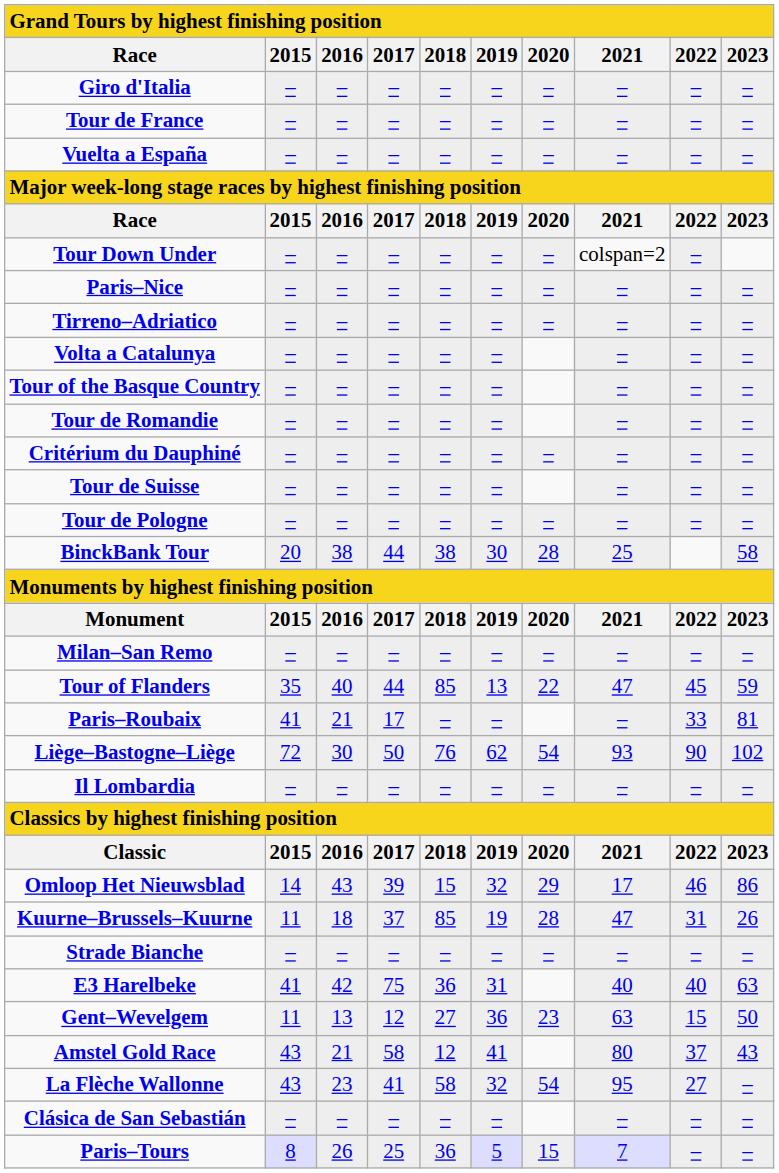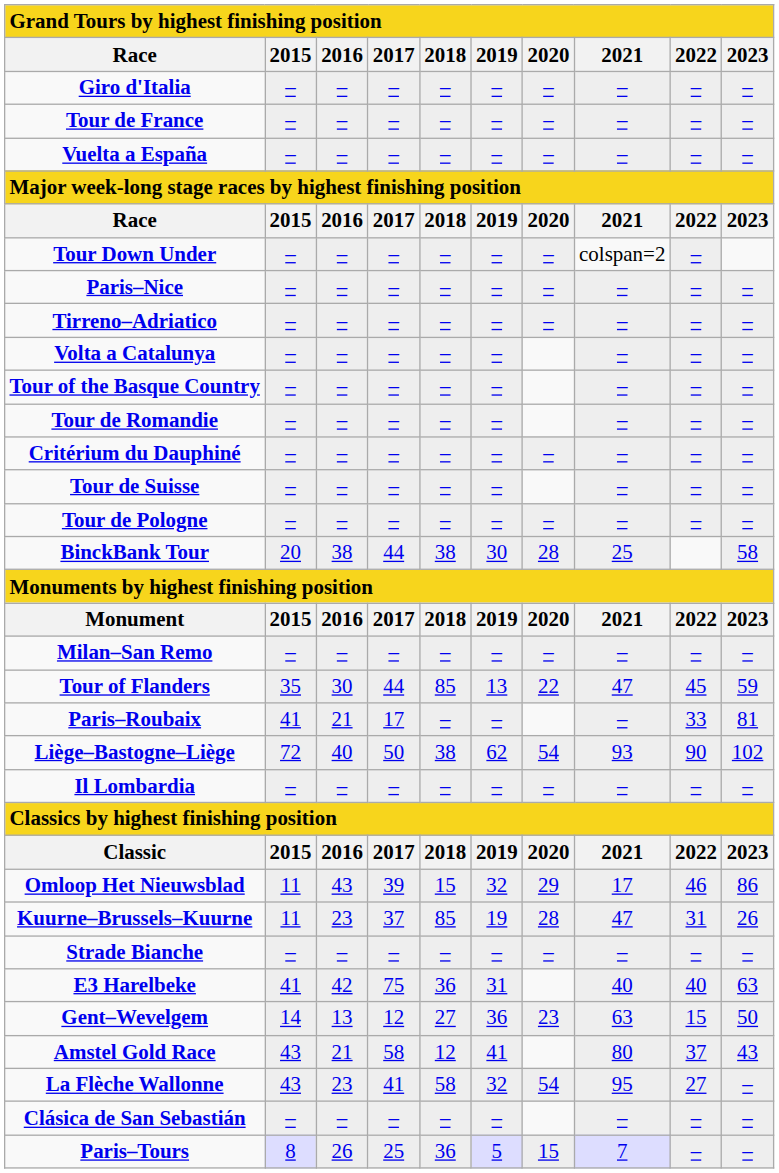 <table class="wikitable">
 <tr style="background:#eee;">
 <td style="background:#F7D51C;" colspan=35><strong>Grand Tours by highest finishing position</strong></td>
 </tr>
 <tr>
 <th>Race</th>
 <th>2015</th>
 <th>2016</th>
 <th>2017</th>
 <th>2018</th>
 <th>2019</th>
 <th>2020</th>
 <th>2021</th>
 <th>2022</th>
 <th>2023</th>
 </tr>
 <tr align="center">
 <td><strong><a href='#'>Giro d'Italia</a></strong></td>
 <td style="background:#eee;"><a href='#'>–</a></td>
 <td style="background:#eee;"><a href='#'>–</a></td>
 <td style="background:#eee;"><a href='#'>–</a></td>
 <td style="background:#eee;"><a href='#'>–</a></td>
 <td style="background:#eee;"><a href='#'>–</a></td>
 <td style="background:#eee;"><a href='#'>–</a></td>
 <td style="background:#eee;"><a href='#'>–</a></td>
 <td style="background:#eee;"><a href='#'>–</a></td>
 <td style="background:#eee;"><a href='#'>–</a></td>
 </tr>
 <tr align="center">
 <td><strong><a href='#'>Tour de France</a></strong></td>
 <td style="background:#eee;"><a href='#'>–</a></td>
 <td style="background:#eee;"><a href='#'>–</a></td>
 <td style="background:#eee;"><a href='#'>–</a></td>
 <td style="background:#eee;"><a href='#'>–</a></td>
 <td style="background:#eee;"><a href='#'>–</a></td>
 <td style="background:#eee;"><a href='#'>–</a></td>
 <td style="background:#eee;"><a href='#'>–</a></td>
 <td style="background:#eee;"><a href='#'>–</a></td>
 <td style="background:#eee;"><a href='#'>–</a></td>
 </tr>
 <tr align="center">
 <td><strong><a href='#'>Vuelta a España</a></strong></td>
 <td style="background:#eee;"><a href='#'>–</a></td>
 <td style="background:#eee;"><a href='#'>–</a></td>
 <td style="background:#eee;"><a href='#'>–</a></td>
 <td style="background:#eee;"><a href='#'>–</a></td>
 <td style="background:#eee;"><a href='#'>–</a></td>
 <td style="background:#eee;"><a href='#'>–</a></td>
 <td style="background:#eee;"><a href='#'>–</a></td>
 <td style="background:#eee;"><a href='#'>–</a></td>
 <td style="background:#eee;"><a href='#'>–</a></td>
 </tr>
 <tr>
 <td style="background:#F7D51C;" colspan=35><strong>Major week-long stage races by highest finishing position</strong></td>
 </tr>
 <tr>
 <th>Race</th>
 <th>2015</th>
 <th>2016</th>
 <th>2017</th>
 <th>2018</th>
 <th>2019</th>
 <th>2020</th>
 <th>2021</th>
 <th>2022</th>
 <th>2023</th>
 </tr>
 <tr align="center">
 <td><strong><a href='#'>Tour Down Under</a></strong></td>
 <td style="background:#eee;"><a href='#'>–</a></td>
 <td style="background:#eee;"><a href='#'>–</a></td>
 <td style="background:#eee;"><a href='#'>–</a></td>
 <td style="background:#eee;"><a href='#'>–</a></td>
 <td style="background:#eee;"><a href='#'>–</a></td>
 <td style="background:#eee;"><a href='#'>–</a></td>
 <td>colspan=2 </td>
 <td style="background:#eee;"><a href='#'>–</a></td>
 </tr>
 <tr align="center">
 <td><strong><a href='#'>Paris–Nice</a></strong></td>
 <td style="background:#eee;"><a href='#'>–</a></td>
 <td style="background:#eee;"><a href='#'>–</a></td>
 <td style="background:#eee;"><a href='#'>–</a></td>
 <td style="background:#eee;"><a href='#'>–</a></td>
 <td style="background:#eee;"><a href='#'>–</a></td>
 <td style="background:#eee;"><a href='#'>–</a></td>
 <td style="background:#eee;"><a href='#'>–</a></td>
 <td style="background:#eee;"><a href='#'>–</a></td>
 <td style="background:#eee;"><a href='#'>–</a></td>
 </tr>
 <tr align="center">
 <td><strong><a href='#'>Tirreno–Adriatico</a></strong></td>
 <td style="background:#eee;"><a href='#'>–</a></td>
 <td style="background:#eee;"><a href='#'>–</a></td>
 <td style="background:#eee;"><a href='#'>–</a></td>
 <td style="background:#eee;"><a href='#'>–</a></td>
 <td style="background:#eee;"><a href='#'>–</a></td>
 <td style="background:#eee;"><a href='#'>–</a></td>
 <td style="background:#eee;"><a href='#'>–</a></td>
 <td style="background:#eee;"><a href='#'>–</a></td>
 <td style="background:#eee;"><a href='#'>–</a></td>
 </tr>
 <tr align="center">
 <td><strong><a href='#'>Volta a Catalunya</a></strong></td>
 <td style="background:#eee;"><a href='#'>–</a></td>
 <td style="background:#eee;"><a href='#'>–</a></td>
 <td style="background:#eee;"><a href='#'>–</a></td>
 <td style="background:#eee;"><a href='#'>–</a></td>
 <td style="background:#eee;"><a href='#'>–</a></td>
 <td></td>
 <td style="background:#eee;"><a href='#'>–</a></td>
 <td style="background:#eee;"><a href='#'>–</a></td>
 <td style="background:#eee;"><a href='#'>–</a></td>
 </tr>
 <tr align="center">
 <td><strong><a href='#'>Tour of the Basque Country</a></strong></td>
 <td style="background:#eee;"><a href='#'>–</a></td>
 <td style="background:#eee;"><a href='#'>–</a></td>
 <td style="background:#eee;"><a href='#'>–</a></td>
 <td style="background:#eee;"><a href='#'>–</a></td>
 <td style="background:#eee;"><a href='#'>–</a></td>
 <td></td>
 <td style="background:#eee;"><a href='#'>–</a></td>
 <td style="background:#eee;"><a href='#'>–</a></td>
 <td style="background:#eee;"><a href='#'>–</a></td>
 </tr>
 <tr align="center">
 <td><strong><a href='#'>Tour de Romandie</a></strong></td>
 <td style="background:#eee;"><a href='#'>–</a></td>
 <td style="background:#eee;"><a href='#'>–</a></td>
 <td style="background:#eee;"><a href='#'>–</a></td>
 <td style="background:#eee;"><a href='#'>–</a></td>
 <td style="background:#eee;"><a href='#'>–</a></td>
 <td></td>
 <td style="background:#eee;"><a href='#'>–</a></td>
 <td style="background:#eee;"><a href='#'>–</a></td>
 <td style="background:#eee;"><a href='#'>–</a></td>
 </tr>
 <tr align="center">
 <td><strong><a href='#'>Critérium du Dauphiné</a></strong></td>
 <td style="background:#eee;"><a href='#'>–</a></td>
 <td style="background:#eee;"><a href='#'>–</a></td>
 <td style="background:#eee;"><a href='#'>–</a></td>
 <td style="background:#eee;"><a href='#'>–</a></td>
 <td style="background:#eee;"><a href='#'>–</a></td>
 <td style="background:#eee;"><a href='#'>–</a></td>
 <td style="background:#eee;"><a href='#'>–</a></td>
 <td style="background:#eee;"><a href='#'>–</a></td>
 <td style="background:#eee;"><a href='#'>–</a></td>
 </tr>
 <tr align="center">
 <td><strong><a href='#'>Tour de Suisse</a></strong></td>
 <td style="background:#eee;"><a href='#'>–</a></td>
 <td style="background:#eee;"><a href='#'>–</a></td>
 <td style="background:#eee;"><a href='#'>–</a></td>
 <td style="background:#eee;"><a href='#'>–</a></td>
 <td style="background:#eee;"><a href='#'>–</a></td>
 <td></td>
 <td style="background:#eee;"><a href='#'>–</a></td>
 <td style="background:#eee;"><a href='#'>–</a></td>
 <td style="background:#eee;"><a href='#'>–</a></td>
 </tr>
 <tr align="center">
 <td><strong><a href='#'>Tour de Pologne</a></strong></td>
 <td style="background:#eee;"><a href='#'>–</a></td>
 <td style="background:#eee;"><a href='#'>–</a></td>
 <td style="background:#eee;"><a href='#'>–</a></td>
 <td style="background:#eee;"><a href='#'>–</a></td>
 <td style="background:#eee;"><a href='#'>–</a></td>
 <td style="background:#eee;"><a href='#'>–</a></td>
 <td style="background:#eee;"><a href='#'>–</a></td>
 <td style="background:#eee;"><a href='#'>–</a></td>
 <td style="background:#eee;"><a href='#'>–</a></td>
 </tr>
 <tr align="center">
 <td><strong><a href='#'>BinckBank Tour</a></strong></td>
 <td style="background:#eee;"><a href='#'>20</a></td>
 <td style="background:#eee;"><a href='#'>38</a></td>
 <td style="background:#eee;"><a href='#'>44</a></td>
 <td style="background:#eee;"><a href='#'>38</a></td>
 <td style="background:#eee;"><a href='#'>30</a></td>
 <td style="background:#eee;"><a href='#'>28</a></td>
 <td style="background:#eee;"><a href='#'>25</a></td>
 <td></td>
 <td style="background:#eee;"><a href='#'>58</a></td>
 </tr>
 <tr>
 <td style="background:#F7D51C;" colspan=35><strong>Monuments by highest finishing position</strong></td>
 </tr>
 <tr>
 <th>Monument</th>
 <th>2015</th>
 <th>2016</th>
 <th>2017</th>
 <th>2018</th>
 <th>2019</th>
 <th>2020</th>
 <th>2021</th>
 <th>2022</th>
 <th>2023</th>
 </tr>
 <tr align="center">
 <td><strong><a href='#'>Milan–San Remo</a></strong></td>
 <td style="background:#eee;"><a href='#'>–</a></td>
 <td style="background:#eee;"><a href='#'>–</a></td>
 <td style="background:#eee;"><a href='#'>–</a></td>
 <td style="background:#eee;"><a href='#'>–</a></td>
 <td style="background:#eee;"><a href='#'>–</a></td>
 <td style="background:#eee;"><a href='#'>–</a></td>
 <td style="background:#eee;"><a href='#'>–</a></td>
 <td style="background:#eee;"><a href='#'>–</a></td>
 <td style="background:#eee;"><a href='#'>–</a></td>
 </tr>
 <tr align="center">
 <td><strong><a href='#'>Tour of Flanders</a></strong></td>
 <td style="background:#eee;"><a href='#'>35</a></td>
-<td style="background:#eee;"><a href='#'>40</a></td>
+<td style="background:#eee;"><a href='#'>30</a></td>
 <td style="background:#eee;"><a href='#'>44</a></td>
 <td style="background:#eee;"><a href='#'>85</a></td>
 <td style="background:#eee;"><a href='#'>13</a></td>
 <td style="background:#eee;"><a href='#'>22</a></td>
 <td style="background:#eee;"><a href='#'>47</a></td>
 <td style="background:#eee;"><a href='#'>45</a></td>
 <td style="background:#eee;"><a href='#'>59</a></td>
 </tr>
 <tr align="center">
 <td><strong><a href='#'>Paris–Roubaix</a></strong></td>
 <td style="background:#eee;"><a href='#'>41</a></td>
 <td style="background:#eee;"><a href='#'>21</a></td>
 <td style="background:#eee;"><a href='#'>17</a></td>
 <td style="background:#eee;"><a href='#'>–</a></td>
 <td style="background:#eee;"><a href='#'>–</a></td>
 <td></td>
 <td style="background:#eee;"><a href='#'>–</a></td>
 <td style="background:#eee;"><a href='#'>33</a></td>
 <td style="background:#eee;"><a href='#'>81</a></td>
 </tr>
 <tr align="center">
 <td><strong><a href='#'>Liège–Bastogne–Liège</a></strong></td>
 <td style="background:#eee;"><a href='#'>72</a></td>
-<td style="background:#eee;"><a href='#'>30</a></td>
+<td style="background:#eee;"><a href='#'>40</a></td>
 <td style="background:#eee;"><a href='#'>50</a></td>
-<td style="background:#eee;"><a href='#'>76</a></td>
+<td style="background:#eee;"><a href='#'>38</a></td>
 <td style="background:#eee;"><a href='#'>62</a></td>
 <td style="background:#eee;"><a href='#'>54</a></td>
 <td style="background:#eee;"><a href='#'>93</a></td>
 <td style="background:#eee;"><a href='#'>90</a></td>
 <td style="background:#eee;"><a href='#'>102</a></td>
 </tr>
 <tr align="center">
 <td><strong><a href='#'>Il Lombardia</a></strong></td>
 <td style="background:#eee;"><a href='#'>–</a></td>
 <td style="background:#eee;"><a href='#'>–</a></td>
 <td style="background:#eee;"><a href='#'>–</a></td>
 <td style="background:#eee;"><a href='#'>–</a></td>
 <td style="background:#eee;"><a href='#'>–</a></td>
 <td style="background:#eee;"><a href='#'>–</a></td>
 <td style="background:#eee;"><a href='#'>–</a></td>
 <td style="background:#eee;"><a href='#'>–</a></td>
 <td style="background:#eee;"><a href='#'>–</a></td>
 </tr>
 <tr>
 <td style="background:#F7D51C;" colspan=35><strong>Classics by highest finishing position</strong></td>
 </tr>
 <tr>
 <th>Classic</th>
 <th>2015</th>
 <th>2016</th>
 <th>2017</th>
 <th>2018</th>
 <th>2019</th>
 <th>2020</th>
 <th>2021</th>
 <th>2022</th>
 <th>2023</th>
 </tr>
 <tr align="center">
 <td><strong><a href='#'>Omloop Het Nieuwsblad</a></strong></td>
-<td style="background:#eee;"><a href='#'>14</a></td>
+<td style="background:#eee;"><a href='#'>11</a></td>
 <td style="background:#eee;"><a href='#'>43</a></td>
 <td style="background:#eee;"><a href='#'>39</a></td>
 <td style="background:#eee;"><a href='#'>15</a></td>
 <td style="background:#eee;"><a href='#'>32</a></td>
 <td style="background:#eee;"><a href='#'>29</a></td>
 <td style="background:#eee;"><a href='#'>17</a></td>
 <td style="background:#eee;"><a href='#'>46</a></td>
 <td style="background:#eee;"><a href='#'>86</a></td>
 </tr>
 <tr align="center">
 <td><strong><a href='#'>Kuurne–Brussels–Kuurne</a></strong></td>
 <td style="background:#eee;"><a href='#'>11</a></td>
-<td style="background:#eee;"><a href='#'>18</a></td>
+<td style="background:#eee;"><a href='#'>23</a></td>
 <td style="background:#eee;"><a href='#'>37</a></td>
 <td style="background:#eee;"><a href='#'>85</a></td>
 <td style="background:#eee;"><a href='#'>19</a></td>
 <td style="background:#eee;"><a href='#'>28</a></td>
 <td style="background:#eee;"><a href='#'>47</a></td>
 <td style="background:#eee;"><a href='#'>31</a></td>
 <td style="background:#eee;"><a href='#'>26</a></td>
 </tr>
 <tr align="center">
 <td><strong><a href='#'>Strade Bianche</a></strong></td>
 <td style="background:#eee;"><a href='#'>–</a></td>
 <td style="background:#eee;"><a href='#'>–</a></td>
 <td style="background:#eee;"><a href='#'>–</a></td>
 <td style="background:#eee;"><a href='#'>–</a></td>
 <td style="background:#eee;"><a href='#'>–</a></td>
 <td style="background:#eee;"><a href='#'>–</a></td>
 <td style="background:#eee;"><a href='#'>–</a></td>
 <td style="background:#eee;"><a href='#'>–</a></td>
 <td style="background:#eee;"><a href='#'>–</a></td>
 </tr>
 <tr align="center">
 <td><strong><a href='#'>E3 Harelbeke</a></strong></td>
 <td style="background:#eee;"><a href='#'>41</a></td>
 <td style="background:#eee;"><a href='#'>42</a></td>
 <td style="background:#eee;"><a href='#'>75</a></td>
 <td style="background:#eee;"><a href='#'>36</a></td>
 <td style="background:#eee;"><a href='#'>31</a></td>
 <td></td>
 <td style="background:#eee;"><a href='#'>40</a></td>
 <td style="background:#eee;"><a href='#'>40</a></td>
 <td style="background:#eee;"><a href='#'>63</a></td>
 </tr>
 <tr align="center">
 <td><strong><a href='#'>Gent–Wevelgem</a></strong></td>
-<td style="background:#eee;"><a href='#'>11</a></td>
+<td style="background:#eee;"><a href='#'>14</a></td>
 <td style="background:#eee;"><a href='#'>13</a></td>
 <td style="background:#eee;"><a href='#'>12</a></td>
 <td style="background:#eee;"><a href='#'>27</a></td>
 <td style="background:#eee;"><a href='#'>36</a></td>
 <td style="background:#eee;"><a href='#'>23</a></td>
 <td style="background:#eee;"><a href='#'>63</a></td>
 <td style="background:#eee;"><a href='#'>15</a></td>
 <td style="background:#eee;"><a href='#'>50</a></td>
 </tr>
 <tr align="center">
 <td><strong><a href='#'>Amstel Gold Race</a></strong></td>
 <td style="background:#eee;"><a href='#'>43</a></td>
 <td style="background:#eee;"><a href='#'>21</a></td>
 <td style="background:#eee;"><a href='#'>58</a></td>
 <td style="background:#eee;"><a href='#'>12</a></td>
 <td style="background:#eee;"><a href='#'>41</a></td>
 <td></td>
 <td style="background:#eee;"><a href='#'>80</a></td>
 <td style="background:#eee;"><a href='#'>37</a></td>
 <td style="background:#eee;"><a href='#'>43</a></td>
 </tr>
 <tr align="center">
 <td><strong><a href='#'>La Flèche Wallonne</a></strong></td>
 <td style="background:#eee;"><a href='#'>43</a></td>
 <td style="background:#eee;"><a href='#'>23</a></td>
 <td style="background:#eee;"><a href='#'>41</a></td>
 <td style="background:#eee;"><a href='#'>58</a></td>
 <td style="background:#eee;"><a href='#'>32</a></td>
 <td style="background:#eee;"><a href='#'>54</a></td>
 <td style="background:#eee;"><a href='#'>95</a></td>
 <td style="background:#eee;"><a href='#'>27</a></td>
 <td style="background:#eee;"><a href='#'>–</a></td>
 </tr>
 <tr align="center">
 <td><strong><a href='#'>Clásica de San Sebastián</a></strong></td>
 <td style="background:#eee;"><a href='#'>–</a></td>
 <td style="background:#eee;"><a href='#'>–</a></td>
 <td style="background:#eee;"><a href='#'>–</a></td>
 <td style="background:#eee;"><a href='#'>–</a></td>
 <td style="background:#eee;"><a href='#'>–</a></td>
 <td></td>
 <td style="background:#eee;"><a href='#'>–</a></td>
 <td style="background:#eee;"><a href='#'>–</a></td>
 <td style="background:#eee;"><a href='#'>–</a></td>
 </tr>
 <tr align="center">
 <td><strong><a href='#'>Paris–Tours</a></strong></td>
 <td style="background:#ddf;"><a href='#'>8</a></td>
 <td style="background:#eee;"><a href='#'>26</a></td>
 <td style="background:#eee;"><a href='#'>25</a></td>
 <td style="background:#eee;"><a href='#'>36</a></td>
 <td style="background:#ddf;"><a href='#'>5</a></td>
 <td style="background:#eee;"><a href='#'>15</a></td>
 <td style="background:#ddf;"><a href='#'>7</a></td>
 <td style="background:#eee;"><a href='#'>–</a></td>
 <td style="background:#eee;"><a href='#'>–</a></td>
 </tr>
 </table>
